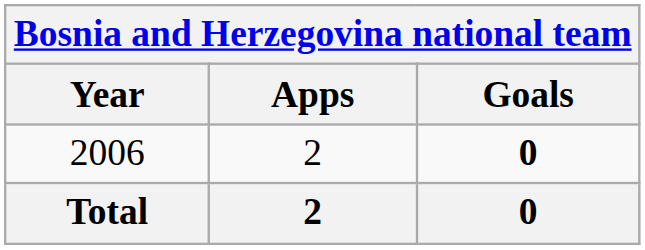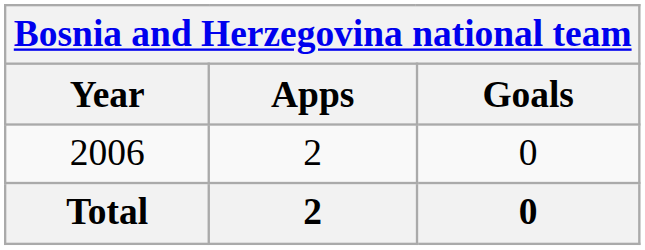 <table class="wikitable" style="text-align:center">
 <tr>
 <th colspan=3><a href='#'>Bosnia and Herzegovina national team</a></th>
 </tr>
 <tr>
 <th>Year</th>
 <th>Apps</th>
 <th>Goals</th>
 </tr>
 <tr>
 <td>2006</td>
 <td>2</td>
-<td><strong>0</strong></td>
+<td>0</td>
 </tr>
 <tr>
 <th>Total</th>
 <th>2</th>
 <th>0</th>
 </tr>
 </table>
